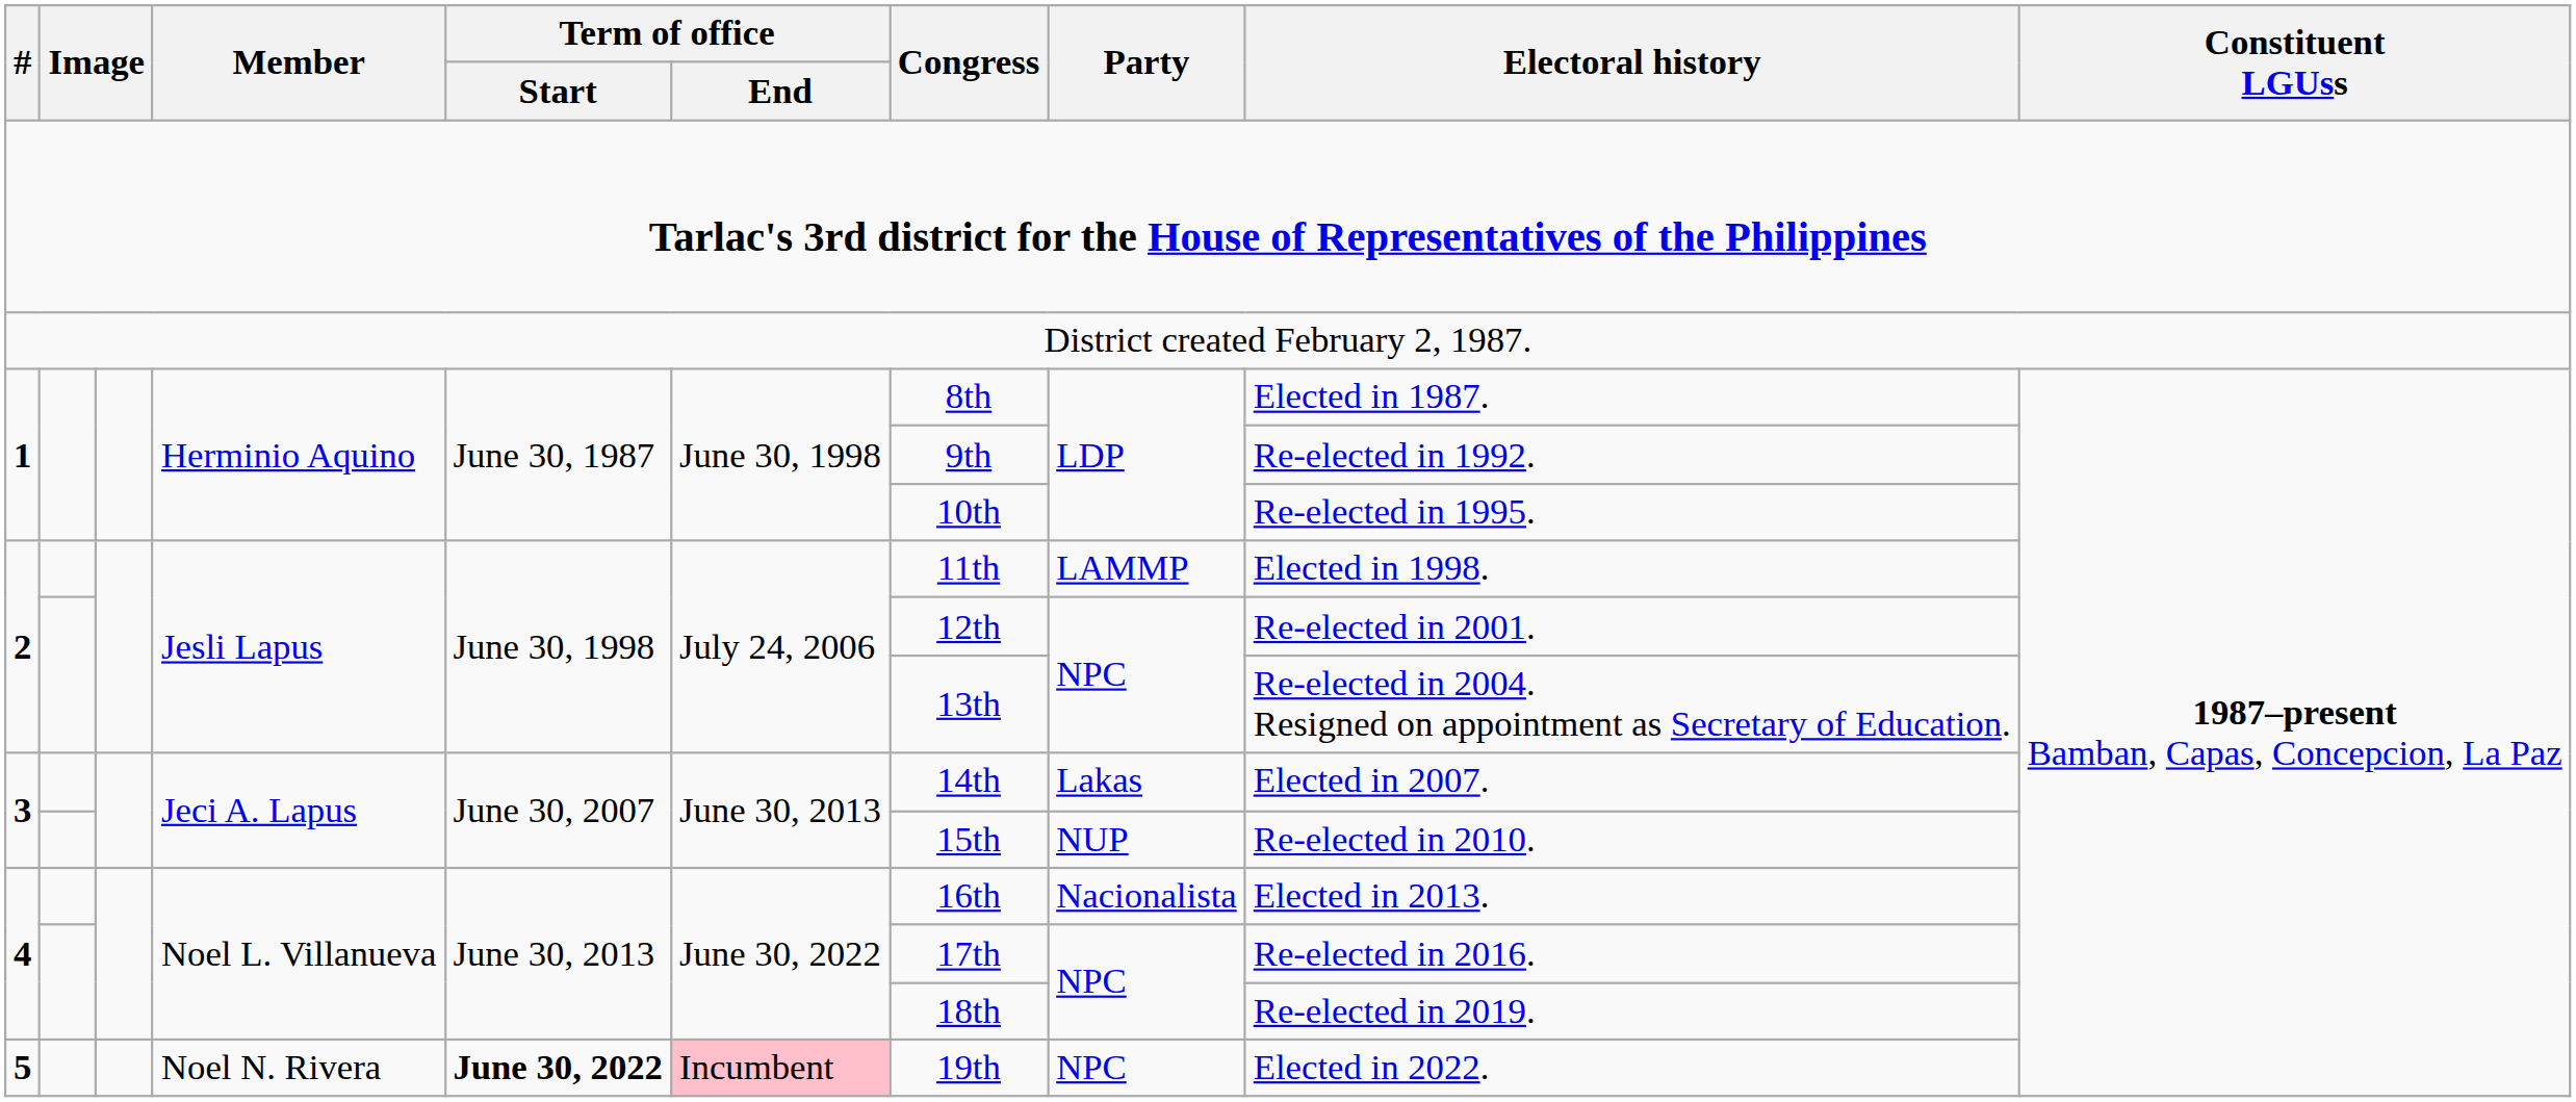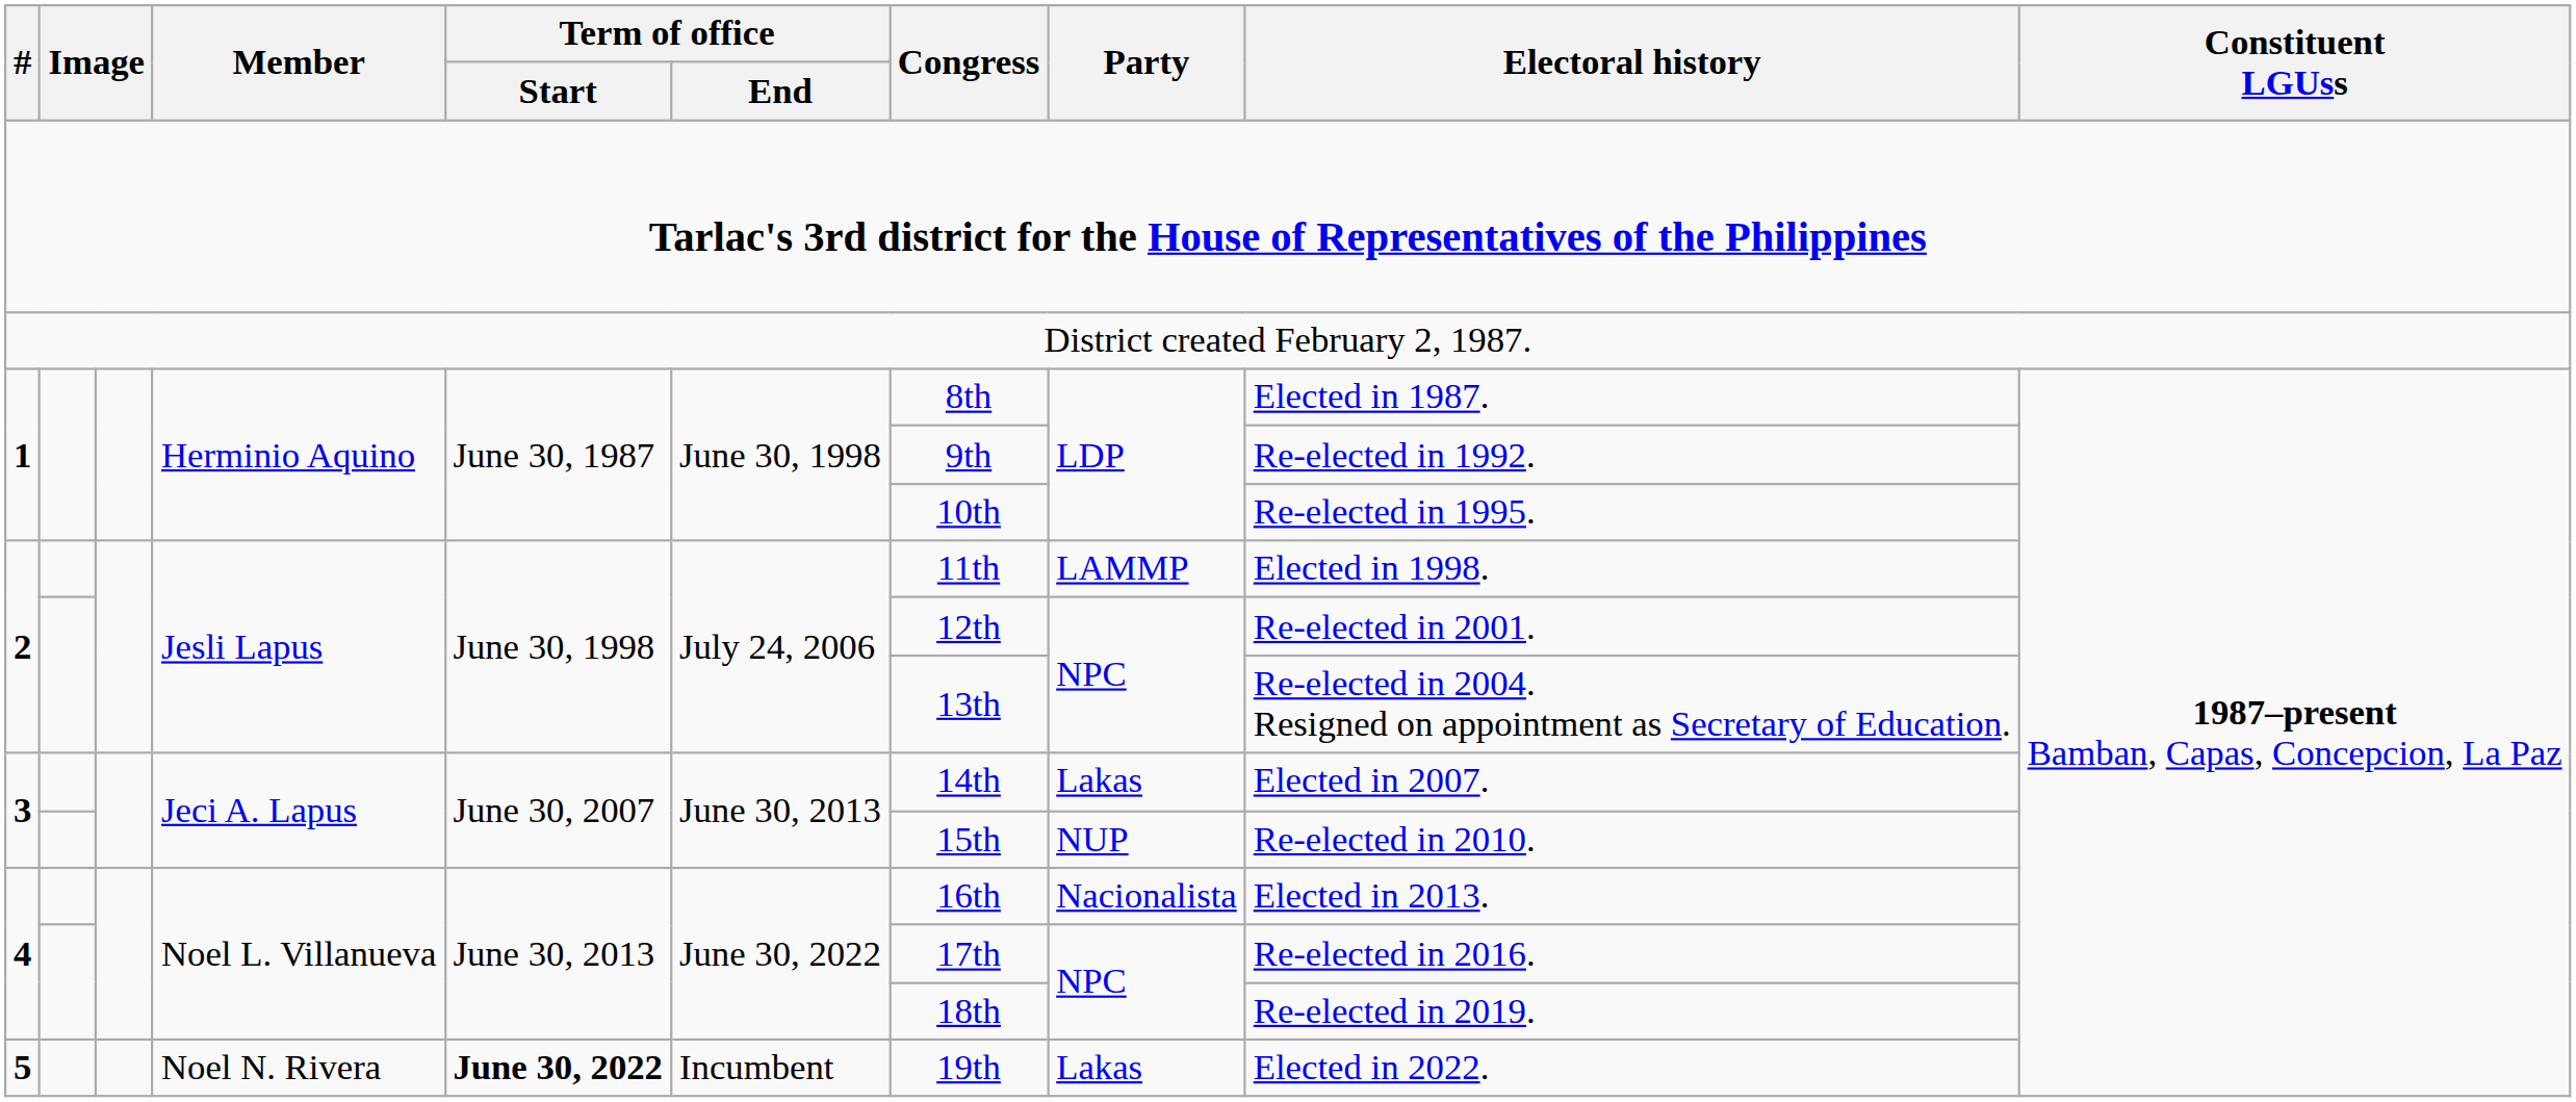 <table class=wikitable>
 <tr>
 <th rowspan="2">#</th>
 <th rowspan="2" colspan=2>Image</th>
 <th rowspan="2">Member</th>
 <th colspan=2>Term of office</th>
 <th rowspan="2">Congress</th>
 <th rowspan="2">Party</th>
 <th rowspan="2">Electoral history</th>
 <th rowspan="2">Constituent<br><a href='#'>LGUs</a>s</th>
 </tr>
 <tr>
 <th>Start</th>
 <th>End</th>
 </tr>
 <tr>
 <td colspan="10" style="text-align:center;"><br><h3>Tarlac's 3rd district for the <a href='#'>House of Representatives of the Philippines</a></h3></td>
 </tr>
 <tr>
 <td colspan="10" style="text-align:center;">District created February 2, 1987.</td>
 </tr>
 <tr>
 <td rowspan="3" style="text-align:center;"><strong>1</strong></td>
 <td rowspan="3" style="color:inherit;background:"></td>
 <td rowspan="3"></td>
 <td rowspan="3"><a href='#'>Herminio Aquino</a></td>
 <td rowspan="3">June 30, 1987</td>
 <td rowspan="3">June 30, 1998</td>
 <td style="text-align:center;"><a href='#'>8th</a></td>
 <td rowspan="3"><a href='#'>LDP</a></td>
 <td><a href='#'>Elected in 1987</a>.</td>
 <td rowspan="12" style="text-align:center;"><strong>1987–present</strong><br><a href='#'>Bamban</a>, <a href='#'>Capas</a>, <a href='#'>Concepcion</a>, <a href='#'>La Paz</a></td>
 </tr>
 <tr>
 <td style="text-align:center;"><a href='#'>9th</a></td>
 <td><a href='#'>Re-elected in 1992</a>.</td>
 </tr>
 <tr>
 <td style="text-align:center;"><a href='#'>10th</a></td>
 <td><a href='#'>Re-elected in 1995</a>.</td>
 </tr>
 <tr>
 <td rowspan="3" style="text-align:center;"><strong>2</strong></td>
 <td style="color:inherit;background:"></td>
 <td rowspan="3"></td>
 <td rowspan="3"><a href='#'>Jesli Lapus</a></td>
 <td rowspan="3">June 30, 1998</td>
 <td rowspan="3">July 24, 2006</td>
 <td style="text-align:center;"><a href='#'>11th</a></td>
 <td><a href='#'>LAMMP</a></td>
 <td><a href='#'>Elected in 1998</a>.</td>
 </tr>
 <tr>
 <td rowspan="2" style="color:inherit;background:"></td>
 <td style="text-align:center;"><a href='#'>12th</a></td>
 <td rowspan="2"><a href='#'>NPC</a></td>
 <td><a href='#'>Re-elected in 2001</a>.</td>
 </tr>
 <tr>
 <td style="text-align:center;"><a href='#'>13th</a></td>
 <td><a href='#'>Re-elected in 2004</a>.<br>Resigned on appointment as <a href='#'>Secretary of Education</a>.</td>
 </tr>
 <tr>
 <td rowspan="2" style="text-align:center;"><strong>3</strong></td>
 <td style="color:inherit;background:"></td>
 <td rowspan="2"></td>
 <td rowspan="2"><a href='#'>Jeci A. Lapus</a></td>
 <td rowspan="2">June 30, 2007</td>
 <td rowspan="2">June 30, 2013</td>
 <td style="text-align:center;"><a href='#'>14th</a></td>
 <td><a href='#'>Lakas</a></td>
 <td><a href='#'>Elected in 2007</a>.</td>
 </tr>
 <tr>
 <td style="color:inherit;background:"></td>
 <td style="text-align:center;"><a href='#'>15th</a></td>
 <td><a href='#'>NUP</a></td>
 <td><a href='#'>Re-elected in 2010</a>.</td>
 </tr>
 <tr>
 <td rowspan="3" style="text-align:center;"><strong>4</strong></td>
 <td style="color:inherit;background:"></td>
 <td rowspan="3"></td>
 <td rowspan="3">Noel L. Villanueva</td>
 <td rowspan="3">June 30, 2013</td>
 <td rowspan="3">June 30, 2022</td>
 <td style="text-align:center;"><a href='#'>16th</a></td>
 <td><a href='#'>Nacionalista</a></td>
 <td><a href='#'>Elected in 2013</a>.</td>
 </tr>
 <tr>
 <td rowspan="2" style="color:inherit;background:"></td>
 <td style="text-align:center;"><a href='#'>17th</a></td>
 <td rowspan="2"><a href='#'>NPC</a></td>
 <td><a href='#'>Re-elected in 2016</a>.</td>
 </tr>
 <tr>
 <td style="text-align:center;"><a href='#'>18th</a></td>
 <td><a href='#'>Re-elected in 2019</a>.</td>
 </tr>
 <tr>
 <td style="text-align:center;"><strong>5</strong></td>
 <td style="color:inherit;background:"></td>
 <td></td>
 <td>Noel N. Rivera</td>
 <td><strong>June 30, 2022</strong></td>
-<td style="background: pink;">Incumbent</td>
+<td>Incumbent</td>
 <td style="text-align:center;"><a href='#'>19th</a></td>
-<td><a href='#'>NPC</a></td>
+<td><a href='#'>Lakas</a></td>
 <td><a href='#'>Elected in 2022</a>.</td>
 </tr>
 </table>
